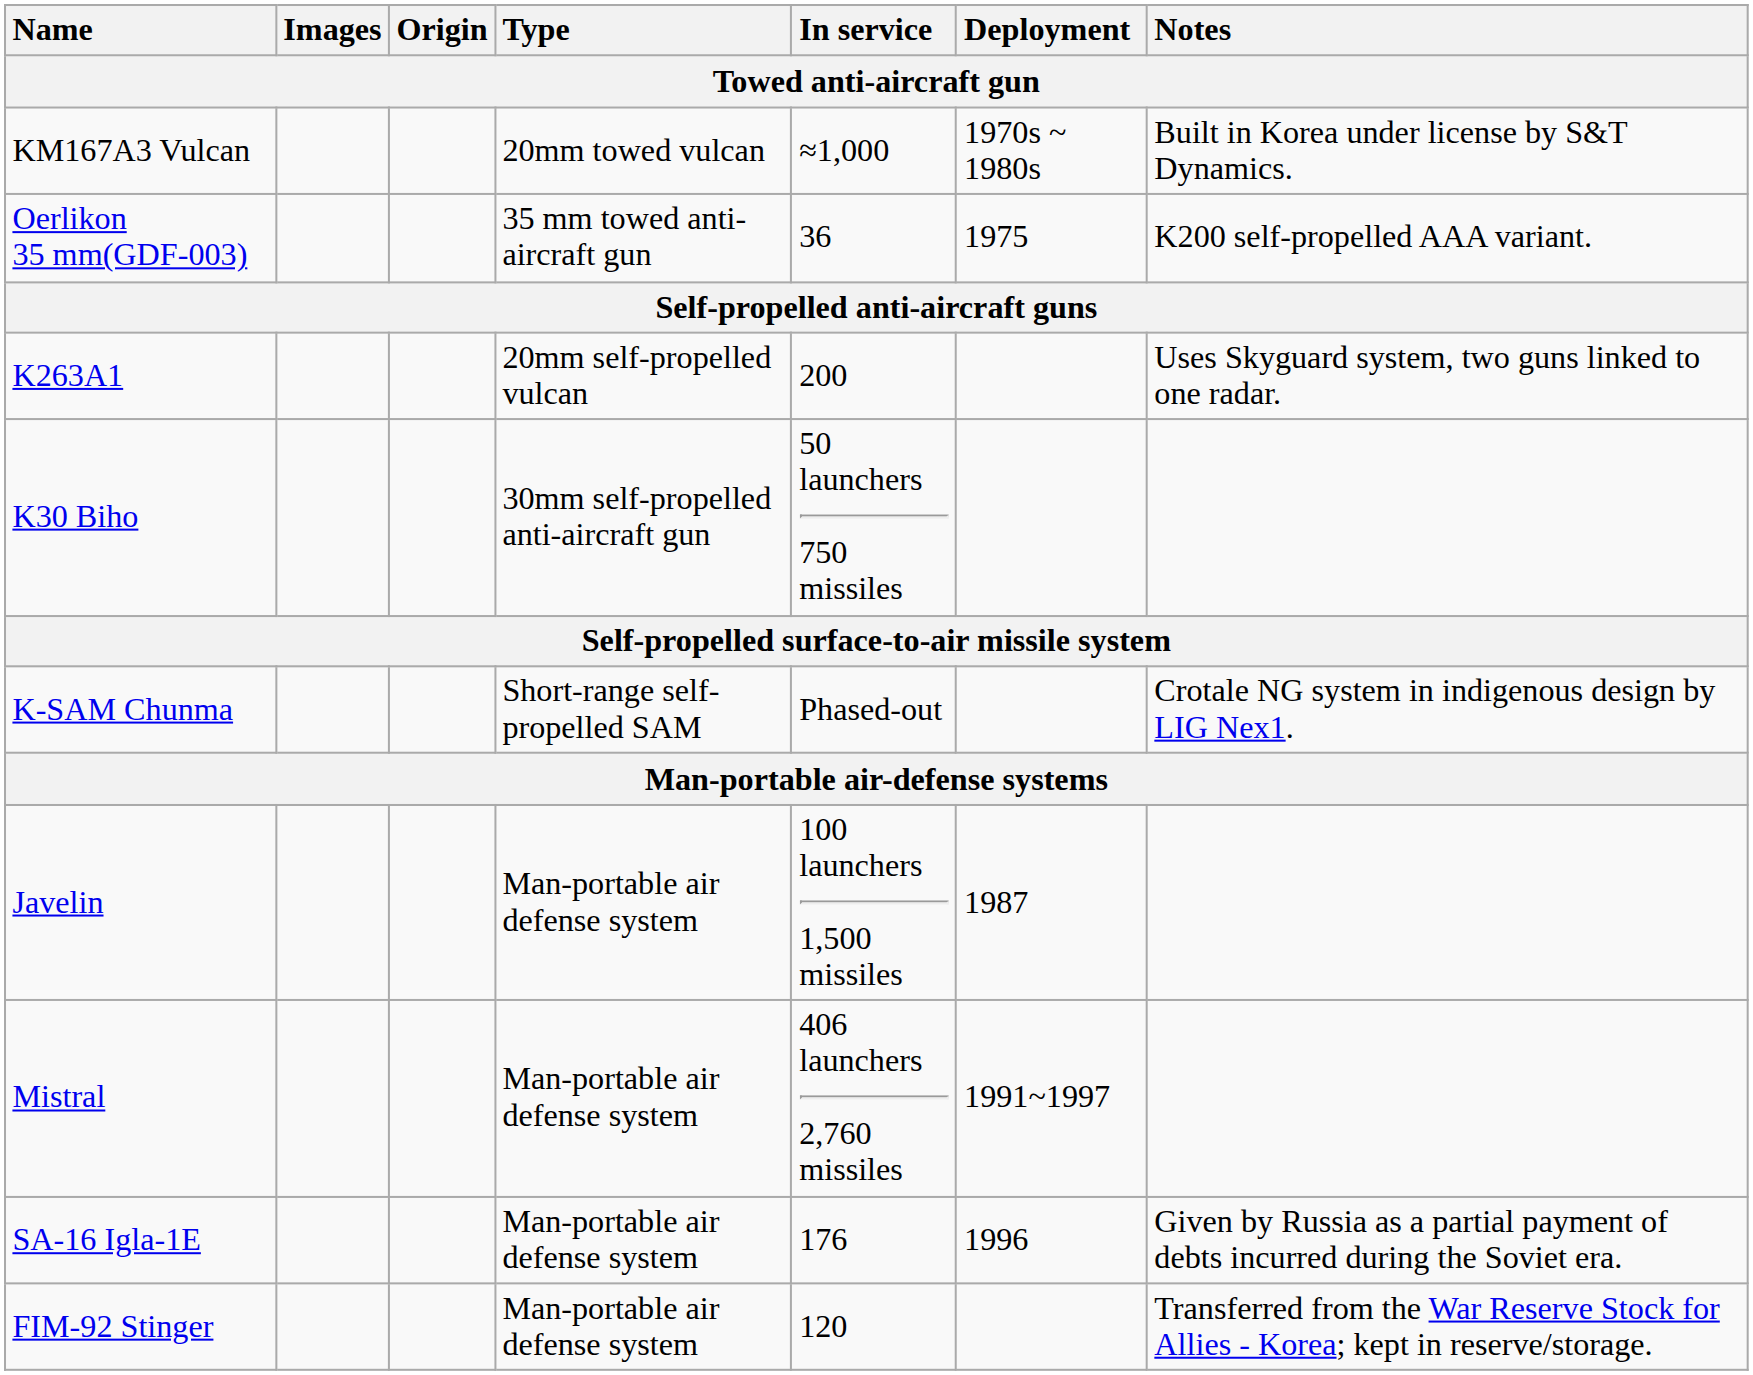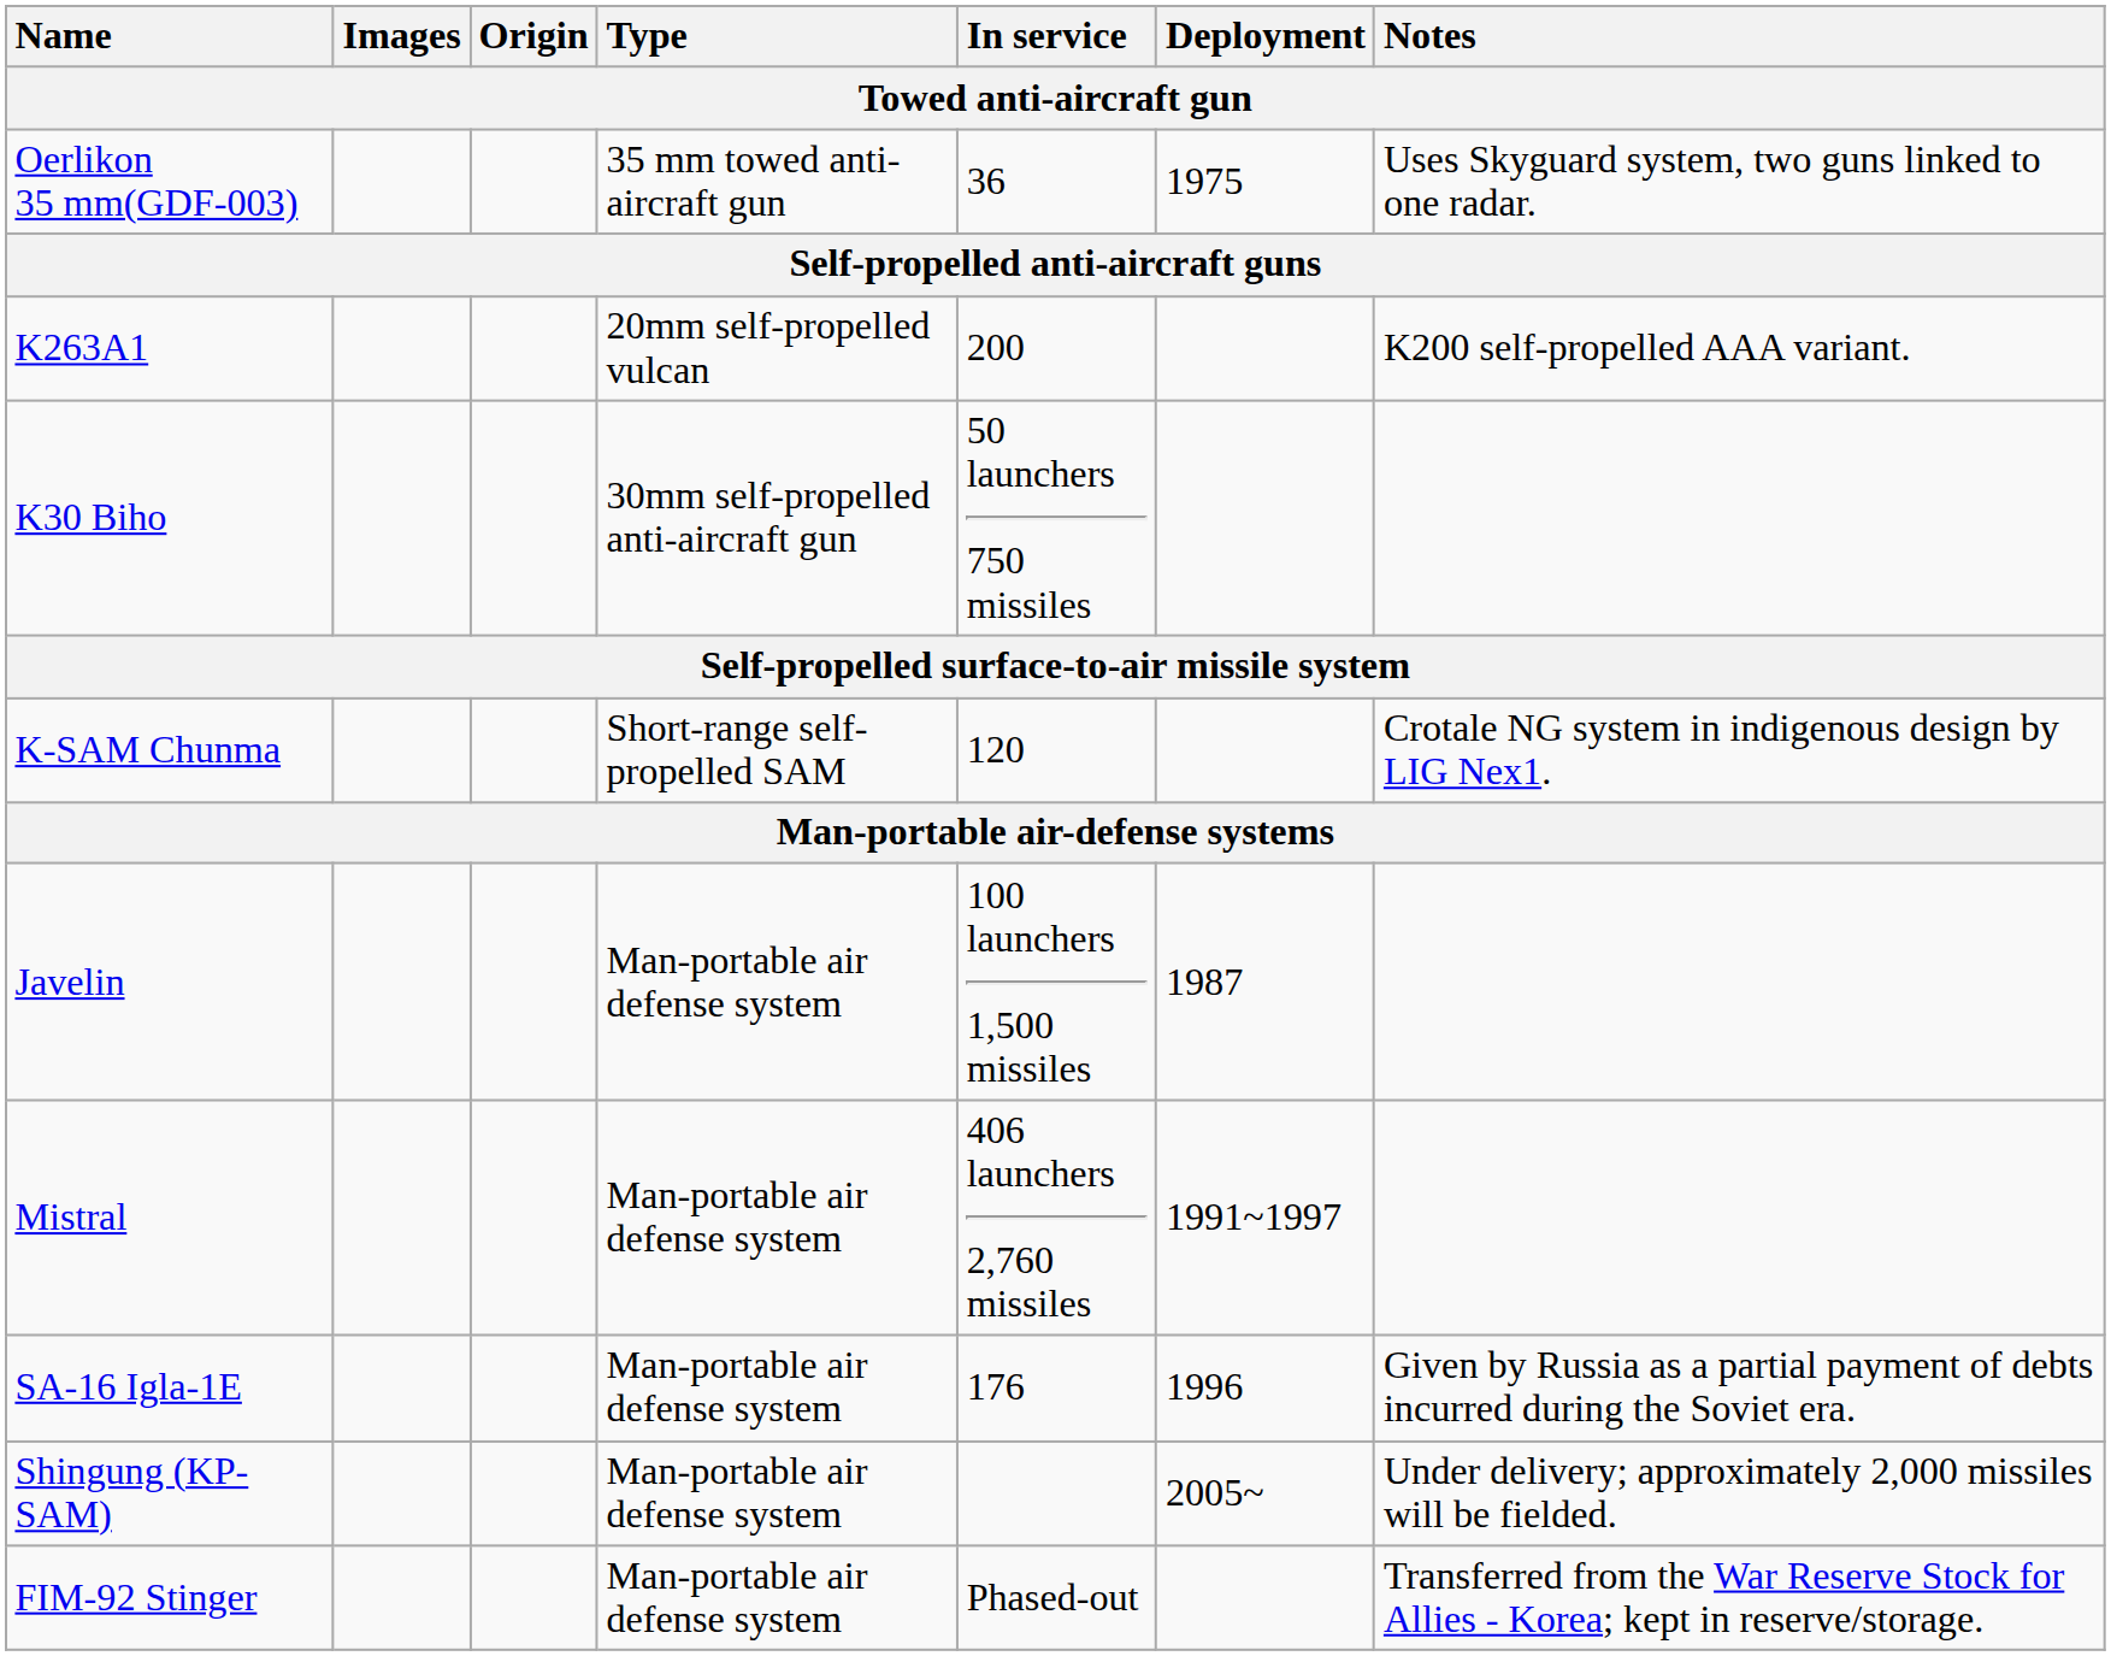 <table class="wikitable sortable">
 <tr>
 <th style="text-align:left;">Name</th>
 <th>Images</th>
 <th>Origin</th>
 <th style="text-align:left;">Type</th>
 <th style="text-align:left;">In service</th>
 <th style="text-align:left;">Deployment</th>
 <th style="text-align:left;">Notes</th>
 </tr>
 <tr>
 <th colspan="7" style="align: center;">Towed anti-aircraft gun</th>
 </tr>
 <tr>
-<td>KM167A3 Vulcan</td>
-<td></td>
-<td><br></td>
-<td>20mm towed vulcan</td>
-<td>≈1,000</td>
-<td>1970s ~ 1980s</td>
-<td>Built in Korea under license by S&T Dynamics.</td>
-</tr>
-<tr>
 <td><a href='#'>Oerlikon 35 mm(GDF-003)</a></td>
 <td></td>
 <td><br></td>
 <td>35 mm towed anti-aircraft gun</td>
 <td>36</td>
 <td>1975</td>
-<td>K200 self-propelled AAA variant.</td>
+<td>Uses Skyguard system, two guns linked to one radar.</td>
 </tr>
 <tr>
 <th colspan="7" style="align: center;">Self-propelled anti-aircraft guns</th>
 </tr>
 <tr>
 <td><a href='#'>K263A1</a></td>
 <td></td>
 <td></td>
 <td>20mm self-propelled vulcan</td>
 <td>200</td>
 <td></td>
-<td>Uses Skyguard system, two guns linked to one radar.</td>
+<td>K200 self-propelled AAA variant.</td>
 </tr>
 <tr>
 <td><a href='#'>K30 Biho</a></td>
 <td></td>
 <td></td>
 <td>30mm self-propelled anti-aircraft gun</td>
 <td>50 launchers <hr>750 missiles</td>
 <td></td>
 <td></td>
 </tr>
 <tr>
 <th colspan="7">Self-propelled surface-to-air missile system</th>
 </tr>
 <tr>
 <td><a href='#'>K-SAM Chunma</a></td>
 <td></td>
 <td><br></td>
 <td>Short-range self-propelled SAM</td>
-<td>Phased-out</td>
+<td>120</td>
 <td></td>
 <td>Crotale NG system in indigenous design by <a href='#'>LIG Nex1</a>.</td>
 </tr>
 <tr>
 <th colspan="7">Man-portable air-defense systems</th>
 </tr>
 <tr>
 <td><a href='#'>Javelin</a></td>
 <td></td>
 <td></td>
 <td>Man-portable air defense system</td>
 <td>100 launchers<hr>1,500 missiles</td>
 <td>1987</td>
 <td></td>
 </tr>
 <tr>
 <td><a href='#'>Mistral</a></td>
 <td></td>
 <td></td>
 <td>Man-portable air defense system</td>
 <td>406 launchers<hr>2,760 missiles</td>
 <td>1991~1997</td>
 <td></td>
 </tr>
 <tr>
 <td><a href='#'>SA-16 Igla-1E</a></td>
 <td></td>
 <td></td>
 <td>Man-portable air defense system</td>
 <td>176</td>
 <td>1996</td>
 <td>Given by Russia as a partial payment of debts incurred during the Soviet era.</td>
 </tr>
 <tr>
+<td><a href='#'>Shingung (KP-SAM)</a></td>
+<td></td>
+<td></td>
+<td>Man-portable air defense system</td>
+<td></td>
+<td>2005~</td>
+<td>Under delivery; approximately 2,000 missiles will be fielded.</td>
+</tr>
+<tr>
 <td><a href='#'>FIM-92 Stinger</a></td>
 <td></td>
 <td></td>
 <td>Man-portable air defense system</td>
-<td>120</td>
+<td>Phased-out</td>
 <td></td>
 <td>Transferred from the <a href='#'>War Reserve Stock for Allies - Korea</a>; kept in reserve/storage.</td>
 </tr>
 </table>
